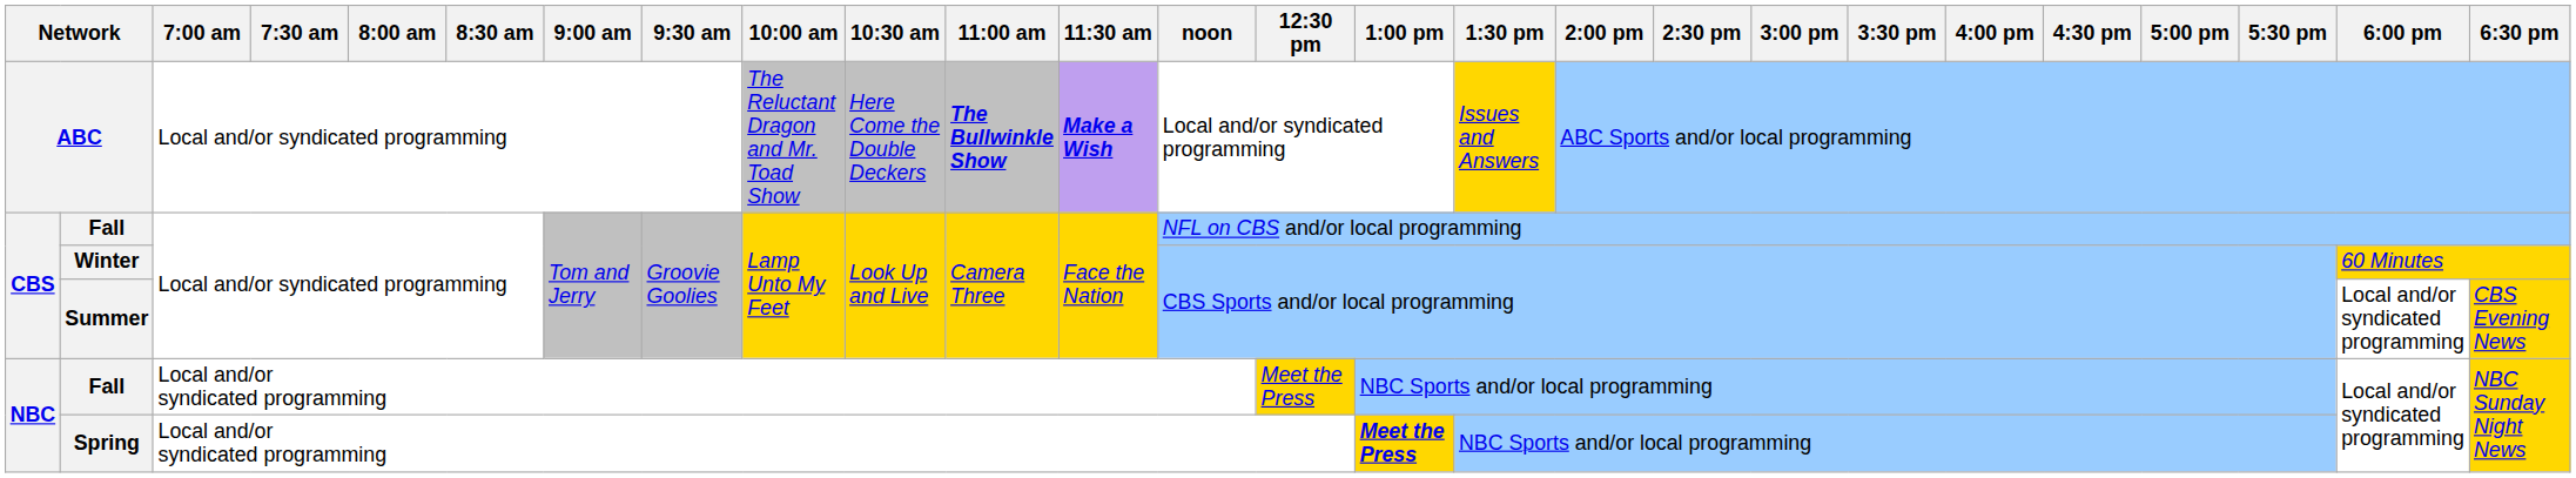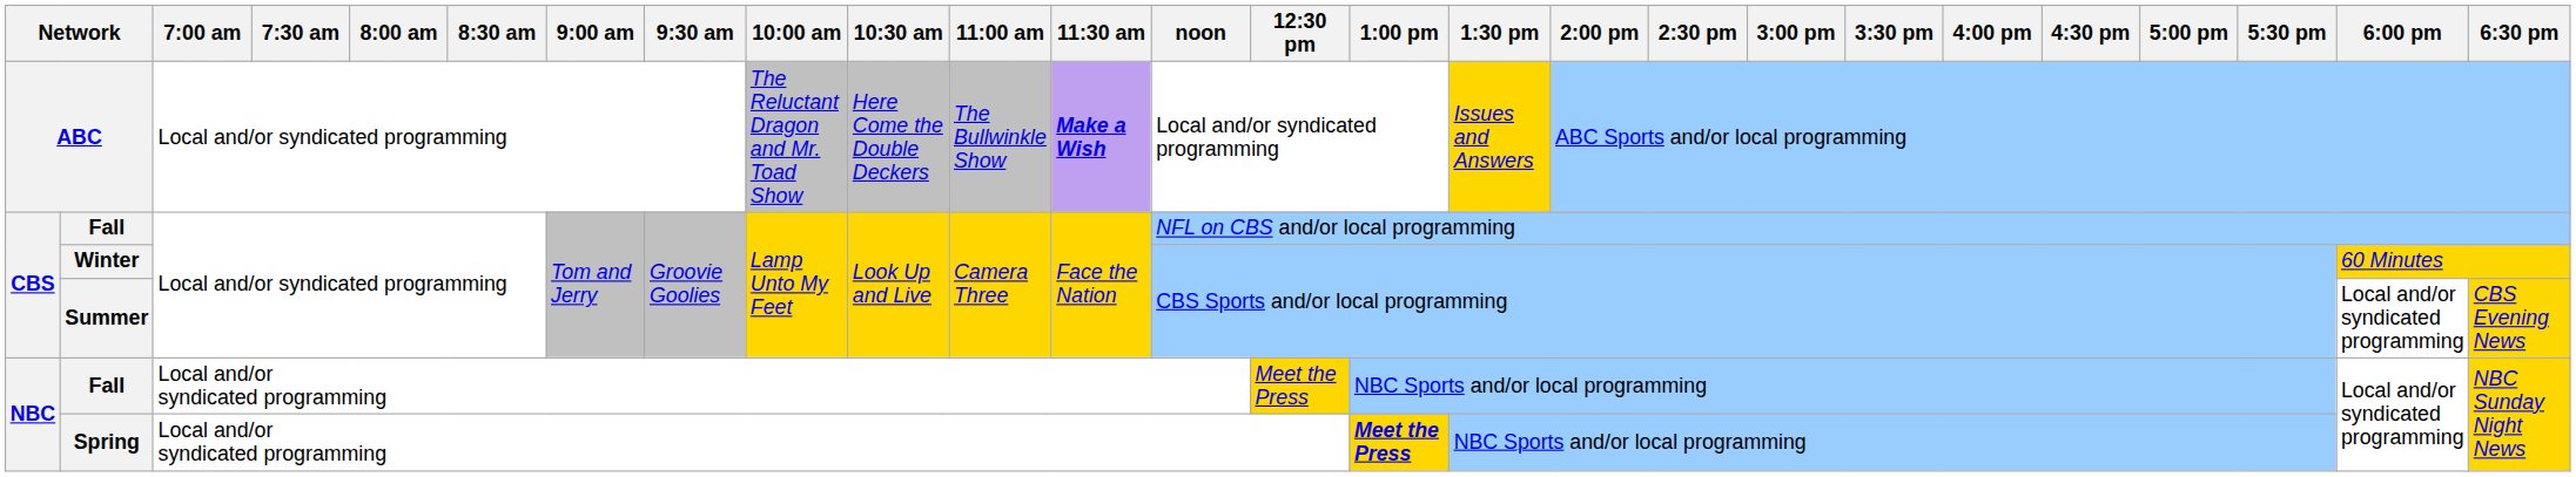 <table class=wikitable>
 <tr>
 <th width="1.5%" bgcolor="#C0C0C0" colspan="2">Network</th>
 <th width="4%" bgcolor="#C0C0C0">7:00 am</th>
 <th width="4%" bgcolor="#C0C0C0">7:30 am</th>
 <th width="4%" bgcolor="#C0C0C0">8:00 am</th>
 <th width="4%" bgcolor="#C0C0C0">8:30 am</th>
 <th width="4%" bgcolor="#C0C0C0">9:00 am</th>
 <th width="4%" bgcolor="#C0C0C0">9:30 am</th>
 <th width="4%" bgcolor="#C0C0C0">10:00 am</th>
 <th width="4%" bgcolor="#C0C0C0">10:30 am</th>
 <th width="4%" bgcolor="#C0C0C0">11:00 am</th>
 <th width="4%" bgcolor="#C0C0C0">11:30 am</th>
 <th width="4%" bgcolor="#C0C0C0">noon</th>
 <th width="4%" bgcolor="#C0C0C0">12:30 pm</th>
 <th width="4%" bgcolor="#C0C0C0">1:00 pm</th>
 <th width="4%" bgcolor="#C0C0C0">1:30 pm</th>
 <th width="4%" bgcolor="#C0C0C0">2:00 pm</th>
 <th width="4%" bgcolor="#C0C0C0">2:30 pm</th>
 <th width="4%" bgcolor="#C0C0C0">3:00 pm</th>
 <th width="4%" bgcolor="#C0C0C0">3:30 pm</th>
 <th width="4%" bgcolor="#C0C0C0">4:00 pm</th>
 <th width="4%" bgcolor="#C0C0C0">4:30 pm</th>
 <th width="4%" bgcolor="#C0C0C0">5:00 pm</th>
 <th width="4%" bgcolor="#C0C0C0">5:30 pm</th>
 <th width="4%" bgcolor="#C0C0C0">6:00 pm</th>
 <th width="4%" bgcolor="#C0C0C0">6:30 pm</th>
 </tr>
 <tr>
 <th bgcolor="#C0C0C0" colspan="2"><a href='#'>ABC</a></th>
 <td colspan="6" bgcolor="white">Local and/or syndicated programming</td>
 <td bgcolor="C0C0C0"><em><a href='#'>The Reluctant Dragon and Mr. Toad Show</a></em></td>
 <td bgcolor="C0C0C0"><em><a href='#'>Here Come the Double Deckers</a></em></td>
-<td bgcolor="C0C0C0"><strong><em><a href='#'>The Bullwinkle Show</a></em></strong></td>
+<td bgcolor="C0C0C0"><em><a href='#'>The Bullwinkle Show</a></em></td>
 <td bgcolor="bf9fef"><strong><em><a href='#'>Make a Wish</a></em></strong></td>
 <td bgcolor="white"colspan="3">Local and/or syndicated programming</td>
 <td bgcolor="gold"><em><a href='#'>Issues and Answers</a></em></td>
 <td bgcolor="99ccff"colspan="10"><a href='#'>ABC Sports</a> and/or local programming</td>
 </tr>
 <tr>
 <th bgcolor="#C0C0C0" rowspan="3"><a href='#'>CBS</a></th>
 <th>Fall</th>
 <td bgcolor="white" rowspan="3"colspan="4">Local and/or syndicated programming</td>
 <td bgcolor="C0C0C0"rowspan="3"><em><a href='#'>Tom and Jerry</a></em></td>
 <td bgcolor="C0C0C0"rowspan="3"><em><a href='#'>Groovie Goolies</a></em></td>
 <td bgcolor="gold"rowspan="3"><em><a href='#'>Lamp Unto My Feet</a></em></td>
 <td bgcolor="gold"rowspan="3"><em><a href='#'>Look Up and Live</a></em></td>
 <td bgcolor="gold"rowspan="3"><em><a href='#'>Camera Three</a></em></td>
 <td bgcolor="gold"rowspan="3"><em><a href='#'>Face the Nation</a></em></td>
 <td bgcolor="99ccff" colspan="14" rowspan="1"><em><a href='#'>NFL on CBS</a></em> and/or local programming</td>
 </tr>
 <tr>
 <th>Winter</th>
 <td bgcolor="99ccff" rowspan=2 colspan="12"><a href='#'>CBS Sports</a> and/or local programming</td>
 <td bgcolor="gold" colspan=2><em><a href='#'>60 Minutes</a></em></td>
 </tr>
 <tr>
 <th>Summer</th>
 <td bgcolor=white>Local and/or<br>syndicated programming</td>
 <td bgcolor=gold><em><a href='#'>CBS Evening News</a></em></td>
 </tr>
 <tr>
 <th bgcolor="#C0C0C0" rowspan="2"><a href='#'>NBC</a></th>
 <th>Fall</th>
 <td bgcolor="white" rowspan="1"colspan="11">Local and/or<br>syndicated programming</td>
 <td bgcolor="gold"rowspan="1"><em><a href='#'>Meet the Press</a></em></td>
 <td bgcolor="99ccff" rowspan="1"colspan="10"><a href='#'>NBC Sports</a> and/or local programming</td>
 <td bgcolor="white"rowspan="2">Local and/or syndicated programming</td>
 <td bgcolor="gold"rowspan="2"><em><a href='#'>NBC Sunday Night News</a></em></td>
 </tr>
 <tr>
 <th>Spring</th>
 <td bgcolor="white"colspan="12">Local and/or<br>syndicated programming</td>
 <td bgcolor="gold"><strong><em><a href='#'>Meet the Press</a></em></strong></td>
 <td bgcolor="99ccff"colspan="9"><a href='#'>NBC Sports</a> and/or local programming</td>
 </tr>
 </table>
